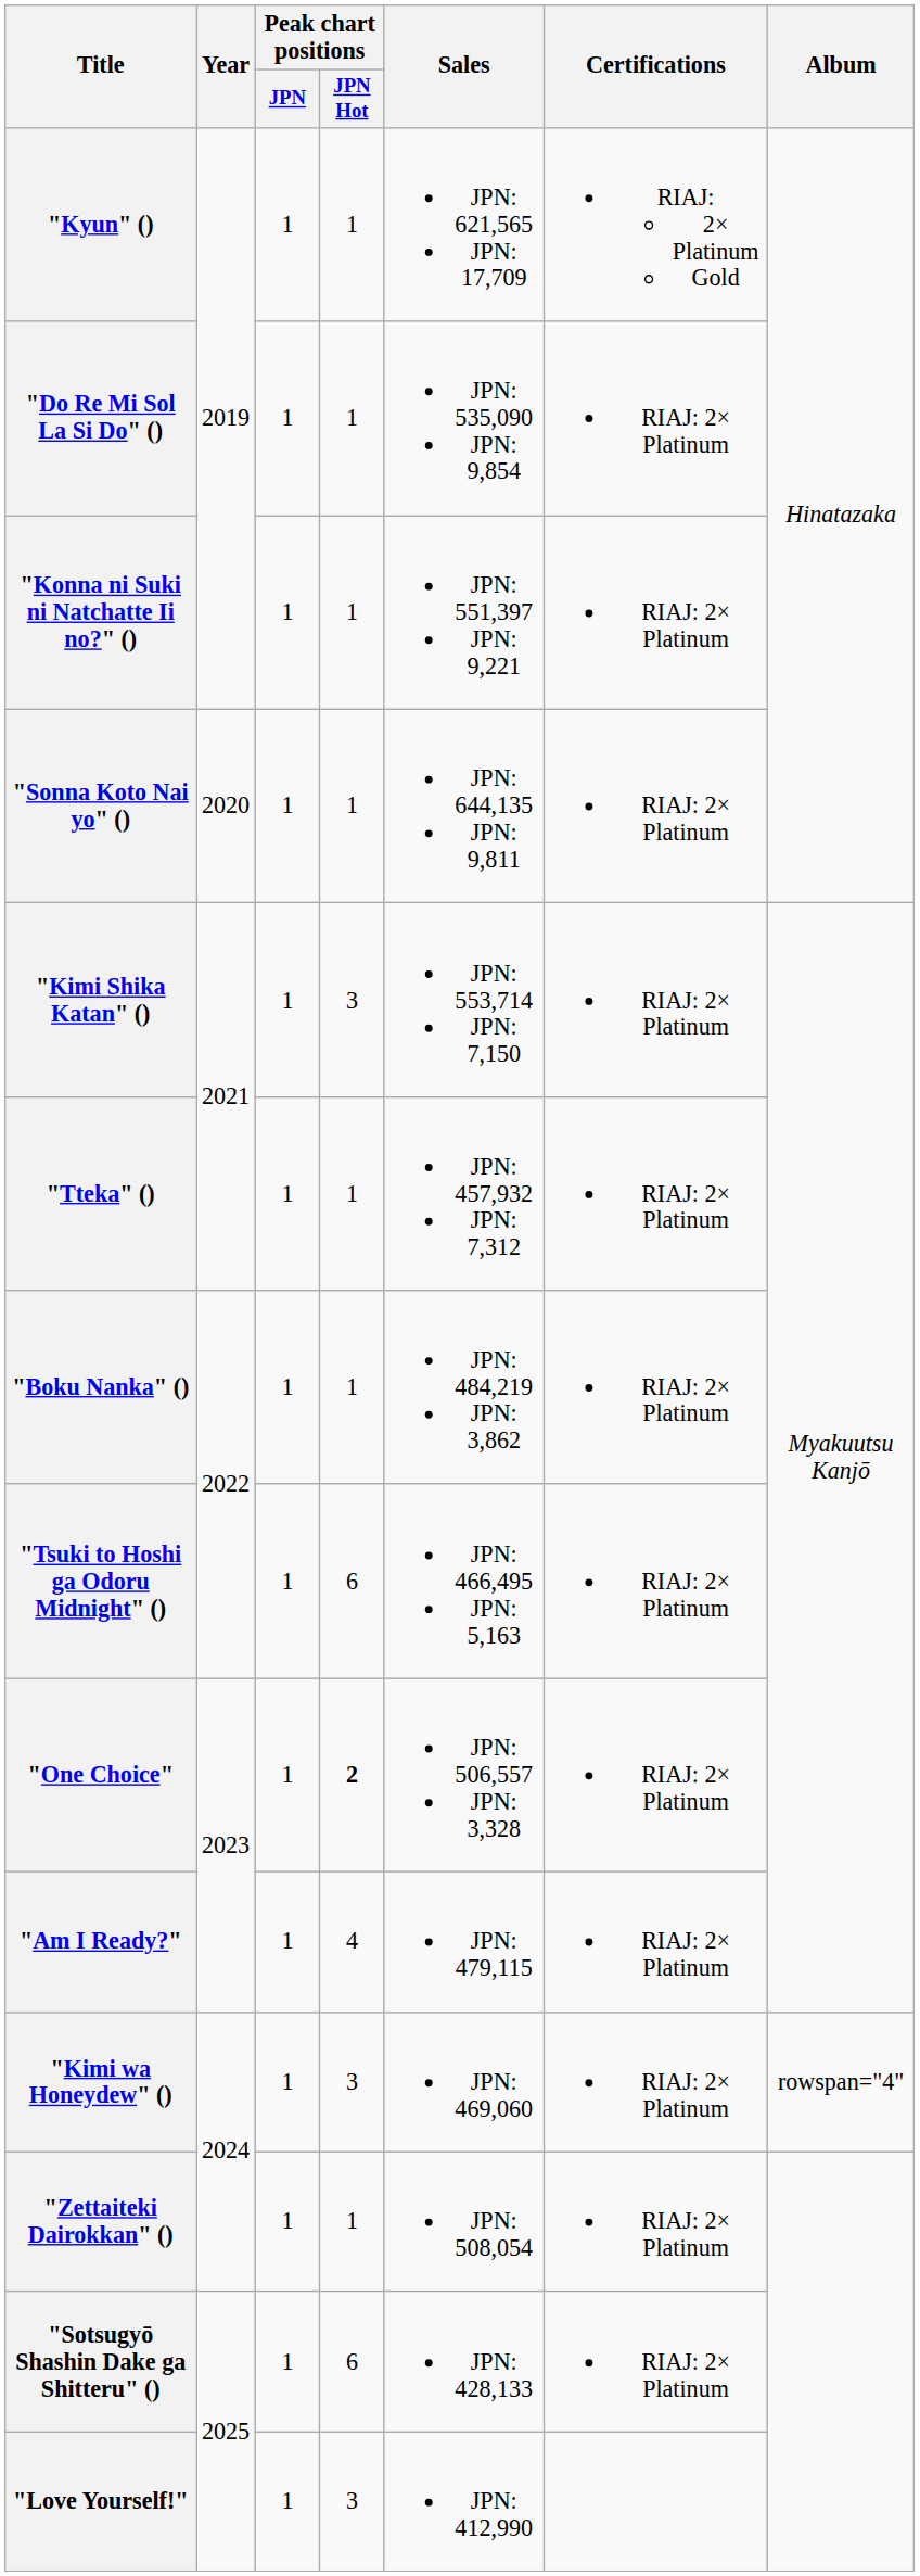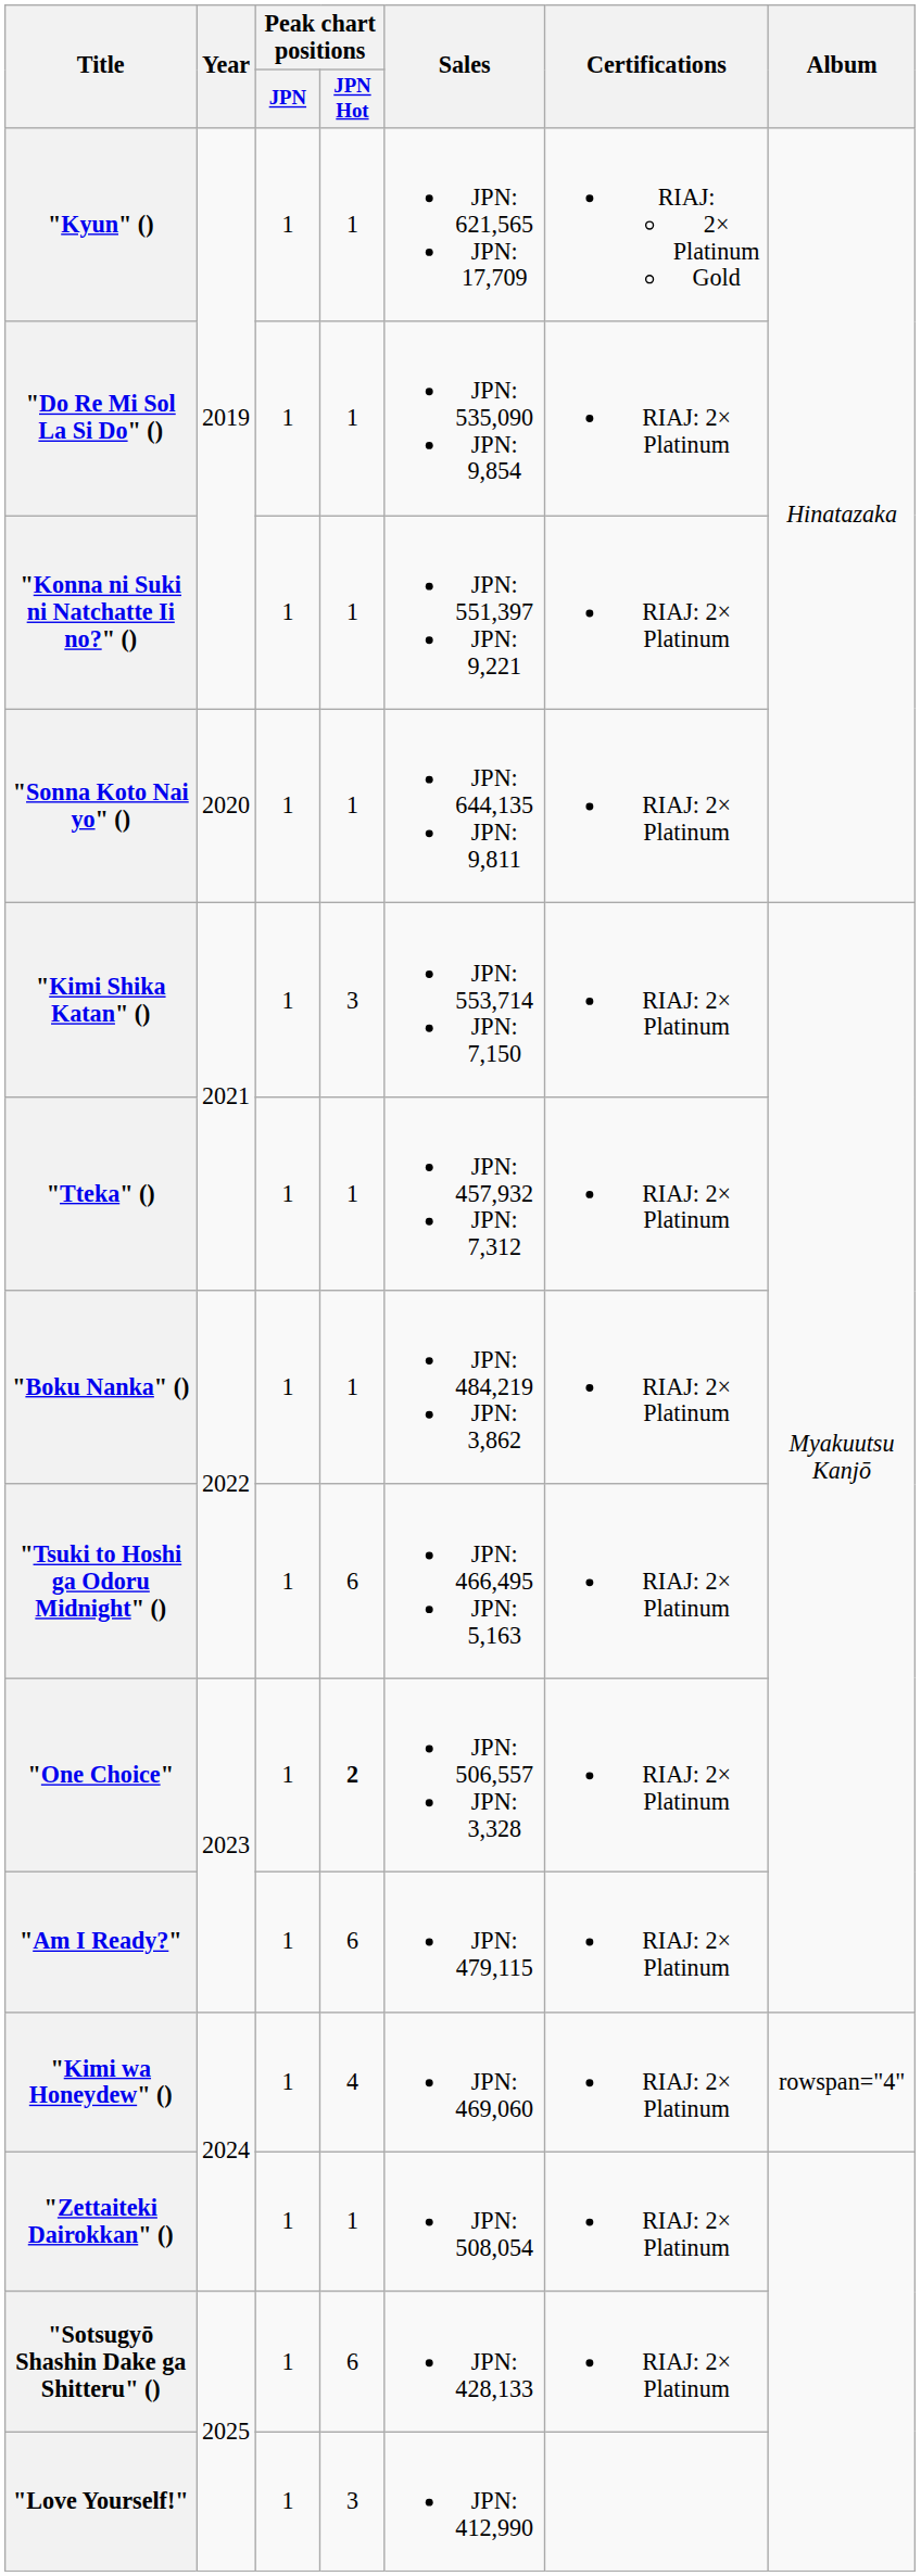 <table class="wikitable plainrowheaders" style="text-align:center;">
 <tr>
 <th scope="col" rowspan="2">Title</th>
 <th scope="col" rowspan="2">Year</th>
 <th scope="col" colspan="2">Peak chart<br>positions</th>
 <th scope="col" rowspan="2">Sales</th>
 <th scope="col" rowspan="2">Certifications</th>
 <th scope="col" rowspan="2">Album</th>
 </tr>
 <tr>
 <th style="width:2.7em;font-size:85%;"><a href='#'>JPN</a><br></th>
 <th style="width:2.7em;font-size:85%;"><a href='#'>JPN<br>Hot</a><br></th>
 </tr>
 <tr>
 <th scope="row">"<a href='#'>Kyun</a>" ()</th>
 <td rowspan="3">2019</td>
 <td>1</td>
 <td>1</td>
 <td><br><ul><li>JPN: 621,565 </li><li>JPN: 17,709 </li></ul></td>
 <td><br><ul><li>RIAJ:<ul><li>2× Platinum </li><li>Gold </li></ul></li></ul></td>
 <td rowspan="4"><em>Hinatazaka</em></td>
 </tr>
 <tr>
 <th scope="row">"<a href='#'>Do Re Mi Sol La Si Do</a>" ()</th>
 <td>1</td>
 <td>1</td>
 <td><br><ul><li>JPN: 535,090 </li><li>JPN: 9,854 </li></ul></td>
 <td><br><ul><li>RIAJ: 2× Platinum </li></ul></td>
 </tr>
 <tr>
 <th scope="row">"<a href='#'>Konna ni Suki ni Natchatte Ii no?</a>" ()</th>
 <td>1</td>
 <td>1</td>
 <td><br><ul><li>JPN: 551,397 </li><li>JPN: 9,221 </li></ul></td>
 <td><br><ul><li>RIAJ: 2× Platinum </li></ul></td>
 </tr>
 <tr>
 <th scope="row">"<a href='#'>Sonna Koto Nai yo</a>" ()</th>
 <td>2020</td>
 <td>1</td>
 <td>1</td>
 <td><br><ul><li>JPN: 644,135 </li><li>JPN: 9,811 </li></ul></td>
 <td><br><ul><li>RIAJ: 2× Platinum </li></ul></td>
 </tr>
 <tr>
 <th scope="row">"<a href='#'>Kimi Shika Katan</a>" ()</th>
 <td rowspan="2">2021</td>
 <td>1</td>
 <td>3</td>
 <td><br><ul><li>JPN: 553,714 </li><li>JPN: 7,150 </li></ul></td>
 <td><br><ul><li>RIAJ: 2× Platinum </li></ul></td>
 <td rowspan="6"><em>Myakuutsu Kanjō</em></td>
 </tr>
 <tr>
 <th scope="row">"<a href='#'>Tteka</a>" ()</th>
 <td>1</td>
 <td>1</td>
 <td><br><ul><li>JPN: 457,932 </li><li>JPN: 7,312 </li></ul></td>
 <td><br><ul><li>RIAJ: 2× Platinum </li></ul></td>
 </tr>
 <tr>
 <th scope="row">"<a href='#'>Boku Nanka</a>" ()</th>
 <td rowspan="2">2022</td>
 <td>1</td>
 <td>1</td>
 <td><br><ul><li>JPN: 484,219 </li><li>JPN: 3,862 </li></ul></td>
 <td><br><ul><li>RIAJ: 2× Platinum </li></ul></td>
 </tr>
 <tr>
 <th scope="row">"<a href='#'>Tsuki to Hoshi ga Odoru Midnight</a>" ()</th>
 <td>1</td>
 <td>6</td>
 <td><br><ul><li>JPN: 466,495 </li><li>JPN: 5,163 </li></ul></td>
 <td><br><ul><li>RIAJ: 2× Platinum </li></ul></td>
 </tr>
 <tr>
 <th scope="row">"<a href='#'>One Choice</a>"</th>
 <td rowspan="2">2023</td>
 <td>1</td>
 <td><strong>2</strong></td>
 <td><br><ul><li>JPN: 506,557 </li><li>JPN: 3,328 </li></ul></td>
 <td><br><ul><li>RIAJ: 2× Platinum </li></ul></td>
 </tr>
 <tr>
 <th scope="row">"<a href='#'>Am I Ready?</a>"</th>
 <td>1</td>
-<td>4</td>
+<td>6</td>
 <td><br><ul><li>JPN: 479,115 </li></ul></td>
 <td><br><ul><li>RIAJ: 2× Platinum </li></ul></td>
 </tr>
 <tr>
 <th scope="row">"<a href='#'>Kimi wa Honeydew</a>" ()</th>
 <td rowspan="2">2024</td>
 <td>1</td>
-<td>3</td>
+<td>4</td>
 <td><br><ul><li>JPN: 469,060 </li></ul></td>
 <td><br><ul><li>RIAJ: 2× Platinum </li></ul></td>
 <td>rowspan="4" </td>
 </tr>
 <tr>
 <th scope="row">"<a href='#'>Zettaiteki Dairokkan</a>" ()</th>
 <td>1</td>
 <td>1</td>
 <td><br><ul><li>JPN: 508,054 </li></ul></td>
 <td><br><ul><li>RIAJ: 2× Platinum </li></ul></td>
 </tr>
 <tr>
 <th scope="row">"Sotsugyō Shashin Dake ga Shitteru" ()</th>
 <td rowspan="2">2025</td>
 <td>1</td>
 <td>6</td>
 <td><br><ul><li>JPN: 428,133 </li></ul></td>
 <td><br><ul><li>RIAJ: 2× Platinum </li></ul></td>
 </tr>
 <tr>
 <th scope="row">"Love Yourself!"</th>
 <td>1</td>
 <td>3</td>
 <td><br><ul><li>JPN: 412,990 </li></ul></td>
 <td></td>
 </tr>
 </table>
